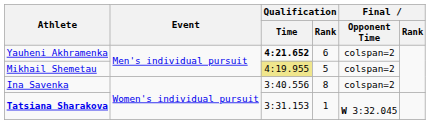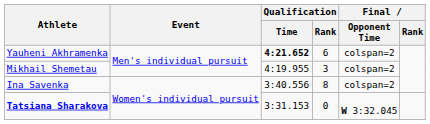 <table class="wikitable" style="text-align:center; font-size:90%">
 <tr>
 <th rowspan=2>Athlete</th>
 <th rowspan=2>Event</th>
 <th colspan=2>Qualification</th>
 <th colspan=2>Final / </th>
 </tr>
 <tr style="font-size:95%">
 <th>Time</th>
 <th>Rank</th>
 <th>Opponent<br>Time</th>
 <th>Rank</th>
 </tr>
 <tr>
 <td align=left><a href='#'>Yauheni Akhramenka</a></td>
 <td rowspan=2 align=left><a href='#'>Men's individual pursuit</a></td>
 <td><strong>4:21.652</strong></td>
 <td>6</td>
 <td>colspan=2 </td>
 </tr>
 <tr>
 <td align=left><a href='#'>Mikhail Shemetau</a></td>
-<td style="background: khaki;">4:19.955</td>
-<td>5</td>
+<td>4:19.955</td>
+<td>3</td>
 <td>colspan=2 </td>
 </tr>
 <tr>
 <td align=left><a href='#'>Ina Savenka</a></td>
 <td rowspan=2 align=left><a href='#'>Women's individual pursuit</a></td>
 <td>3:40.556</td>
 <td>8</td>
 <td>colspan=2 </td>
 </tr>
 <tr>
 <td align=left><strong><a href='#'>Tatsiana Sharakova</a></strong></td>
 <td>3:31.153</td>
-<td>1</td>
+<td>0</td>
 <td><br><strong>W</strong> 3:32.045</td>
 <td></td>
 </tr>
 </table>
